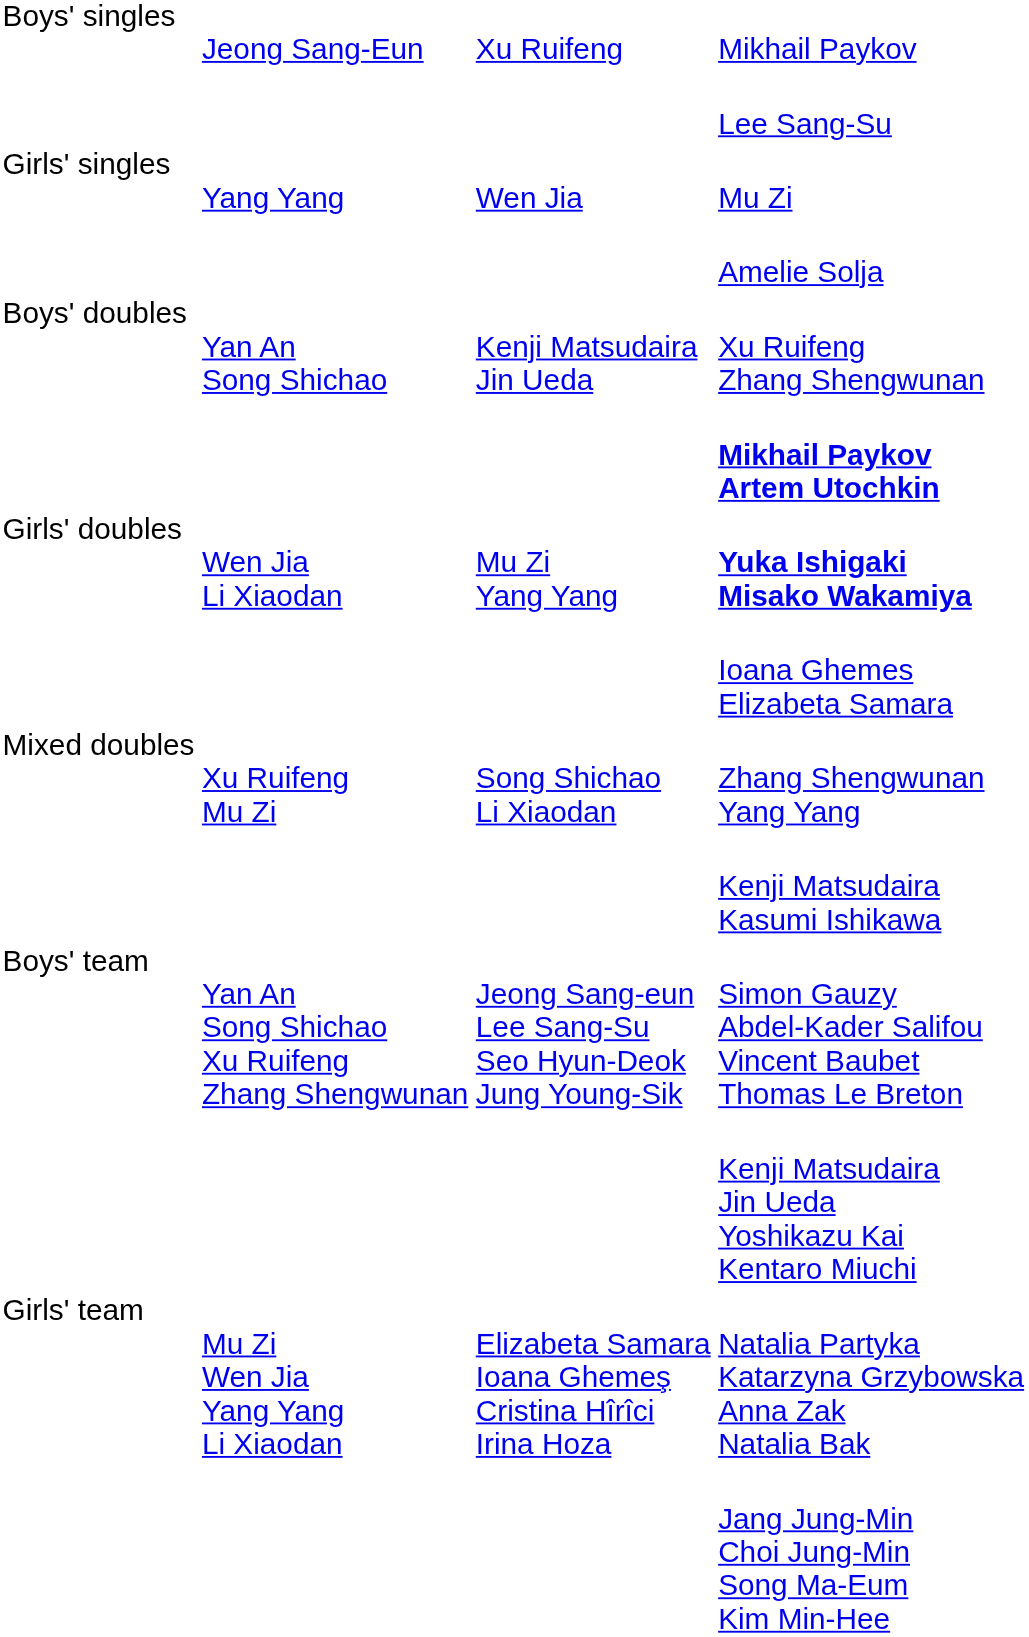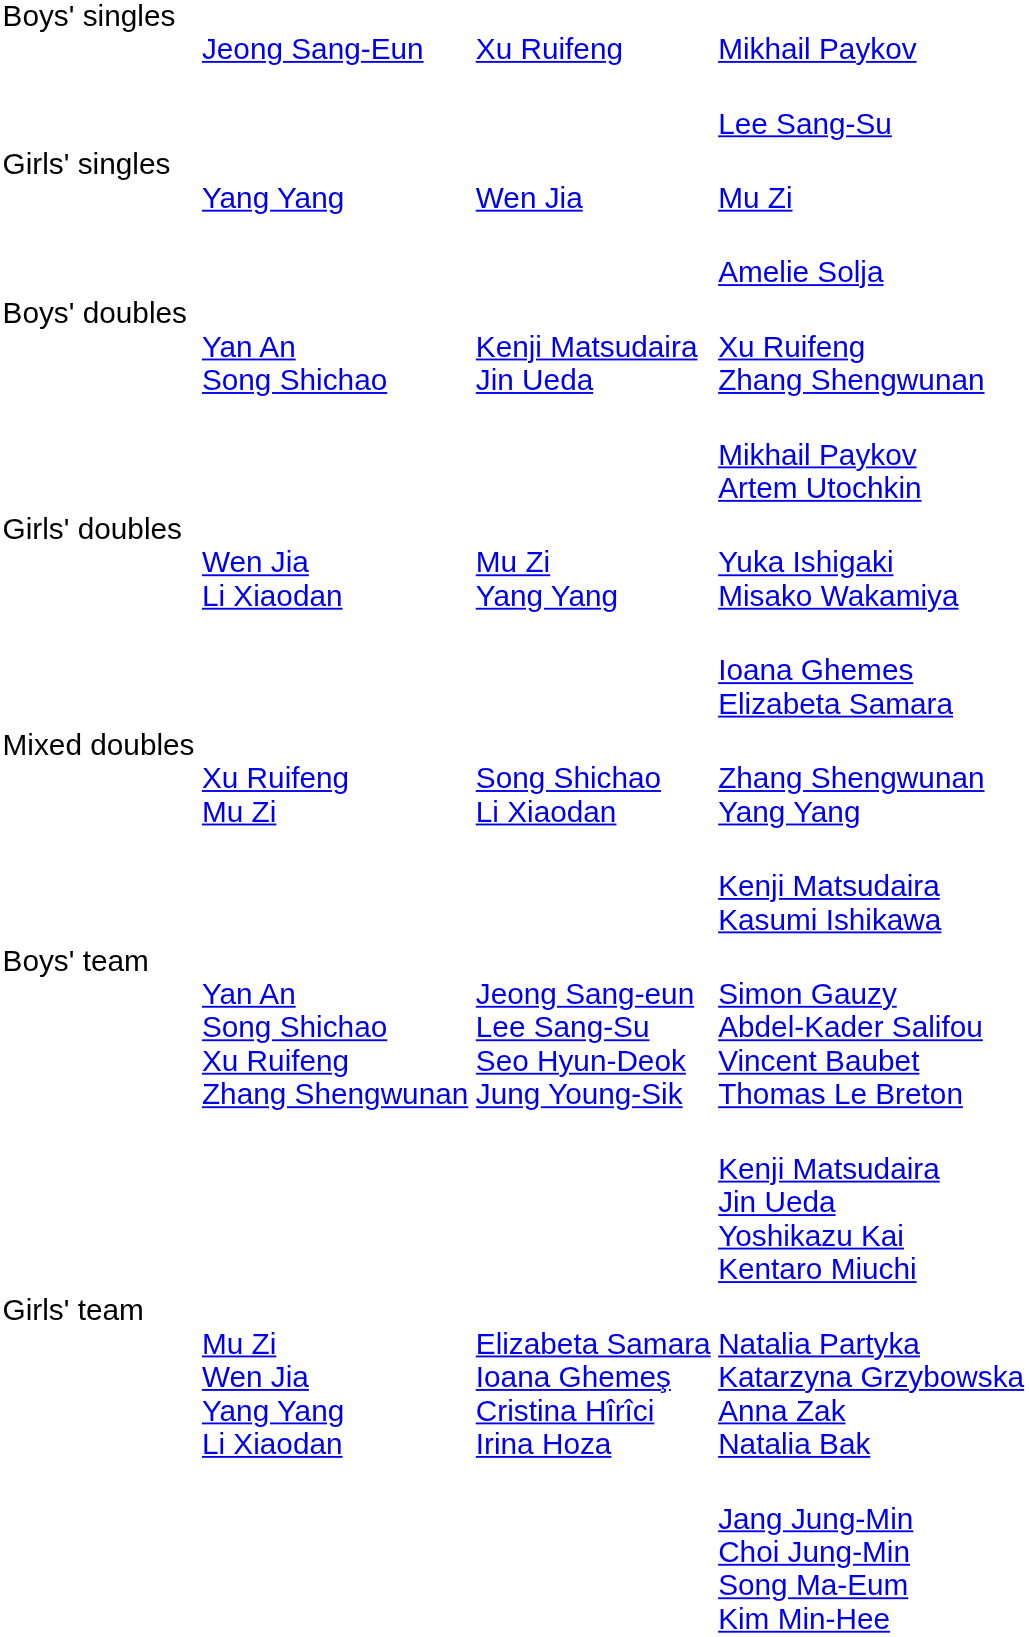 <table>
 <tr valign=top>
 <td rowspan=2>Boys' singles</td>
 <td rowspan=2><br><a href='#'>Jeong Sang-Eun</a></td>
 <td rowspan=2><br><a href='#'>Xu Ruifeng</a></td>
 <td><br><a href='#'>Mikhail Paykov</a></td>
 </tr>
 <tr>
 <td><br><a href='#'>Lee Sang-Su</a></td>
 </tr>
 <tr valign=top>
 <td rowspan=2>Girls' singles</td>
 <td rowspan=2><br><a href='#'>Yang Yang</a></td>
 <td rowspan=2><br><a href='#'>Wen Jia</a></td>
 <td><br><a href='#'>Mu Zi</a></td>
 </tr>
 <tr>
 <td><br><a href='#'>Amelie Solja</a></td>
 </tr>
 <tr valign=top>
 <td rowspan=2>Boys' doubles</td>
 <td rowspan=2><br><a href='#'>Yan An</a><br><a href='#'>Song Shichao</a></td>
 <td rowspan=2><br><a href='#'>Kenji Matsudaira</a><br><a href='#'>Jin Ueda</a></td>
 <td><br><a href='#'>Xu Ruifeng</a><br><a href='#'>Zhang Shengwunan</a></td>
 </tr>
 <tr>
-<td><strong><br><a href='#'>Mikhail Paykov</a><br><a href='#'>Artem Utochkin</a></strong></td>
+<td><br><a href='#'>Mikhail Paykov</a><br><a href='#'>Artem Utochkin</a></td>
 </tr>
 <tr valign=top>
 <td rowspan=2>Girls' doubles</td>
 <td rowspan=2><br><a href='#'>Wen Jia</a><br><a href='#'>Li Xiaodan</a></td>
 <td rowspan=2><br><a href='#'>Mu Zi</a><br><a href='#'>Yang Yang</a></td>
-<td><strong><br><a href='#'>Yuka Ishigaki</a><br><a href='#'>Misako Wakamiya</a></strong></td>
+<td><br><a href='#'>Yuka Ishigaki</a><br><a href='#'>Misako Wakamiya</a></td>
 </tr>
 <tr>
 <td><br><a href='#'>Ioana Ghemes</a><br><a href='#'>Elizabeta Samara</a></td>
 </tr>
 <tr valign=top>
 <td rowspan=2>Mixed doubles</td>
 <td rowspan=2><br><a href='#'>Xu Ruifeng</a><br><a href='#'>Mu Zi</a></td>
 <td rowspan=2><br><a href='#'>Song Shichao</a><br><a href='#'>Li Xiaodan</a></td>
 <td><br><a href='#'>Zhang Shengwunan</a><br><a href='#'>Yang Yang</a></td>
 </tr>
 <tr>
 <td><br><a href='#'>Kenji Matsudaira</a><br><a href='#'>Kasumi Ishikawa</a></td>
 </tr>
 <tr valign=top>
 <td rowspan=2>Boys' team</td>
 <td rowspan=2><br><a href='#'>Yan An</a><br><a href='#'>Song Shichao</a><br><a href='#'>Xu Ruifeng</a><br><a href='#'>Zhang Shengwunan</a></td>
 <td rowspan=2><br><a href='#'>Jeong Sang-eun</a><br> <a href='#'>Lee Sang-Su</a><br><a href='#'>Seo Hyun-Deok</a><br><a href='#'>Jung Young-Sik</a></td>
 <td><br><a href='#'>Simon Gauzy</a><br><a href='#'>Abdel-Kader Salifou</a><br><a href='#'>Vincent Baubet</a><br><a href='#'>Thomas Le Breton</a></td>
 </tr>
 <tr>
 <td><br><a href='#'>Kenji Matsudaira</a><br><a href='#'>Jin Ueda</a><br><a href='#'>Yoshikazu Kai</a><br><a href='#'>Kentaro Miuchi</a></td>
 </tr>
 <tr valign=top>
 <td rowspan=2>Girls' team</td>
 <td rowspan=2><br><a href='#'>Mu Zi</a><br><a href='#'>Wen Jia</a><br><a href='#'>Yang Yang</a><br><a href='#'>Li Xiaodan</a></td>
 <td rowspan=2><br><a href='#'>Elizabeta Samara</a><br><a href='#'>Ioana Ghemeş</a><br><a href='#'>Cristina Hîrîci</a><br><a href='#'>Irina Hoza</a></td>
 <td><br><a href='#'>Natalia Partyka</a><br><a href='#'>Katarzyna Grzybowska</a><br><a href='#'>Anna Zak</a><br><a href='#'>Natalia Bak</a></td>
 </tr>
 <tr>
 <td><br><a href='#'>Jang Jung-Min</a><br><a href='#'>Choi Jung-Min</a><br><a href='#'>Song Ma-Eum</a><br><a href='#'>Kim Min-Hee</a></td>
 </tr>
 </table>
